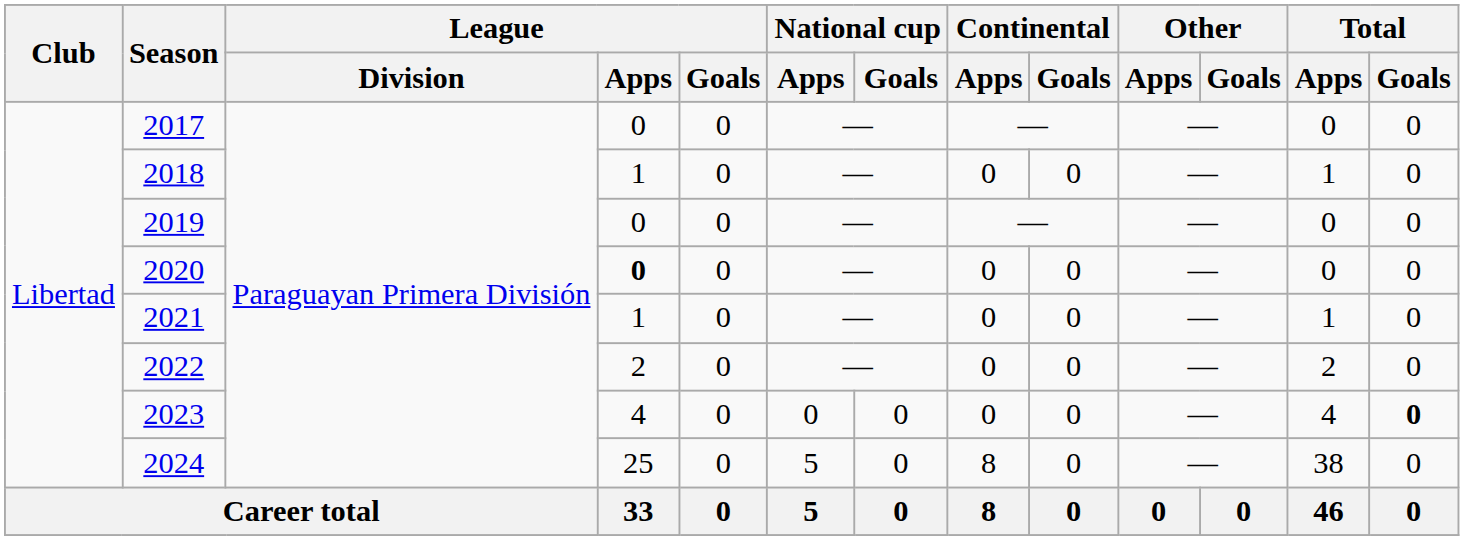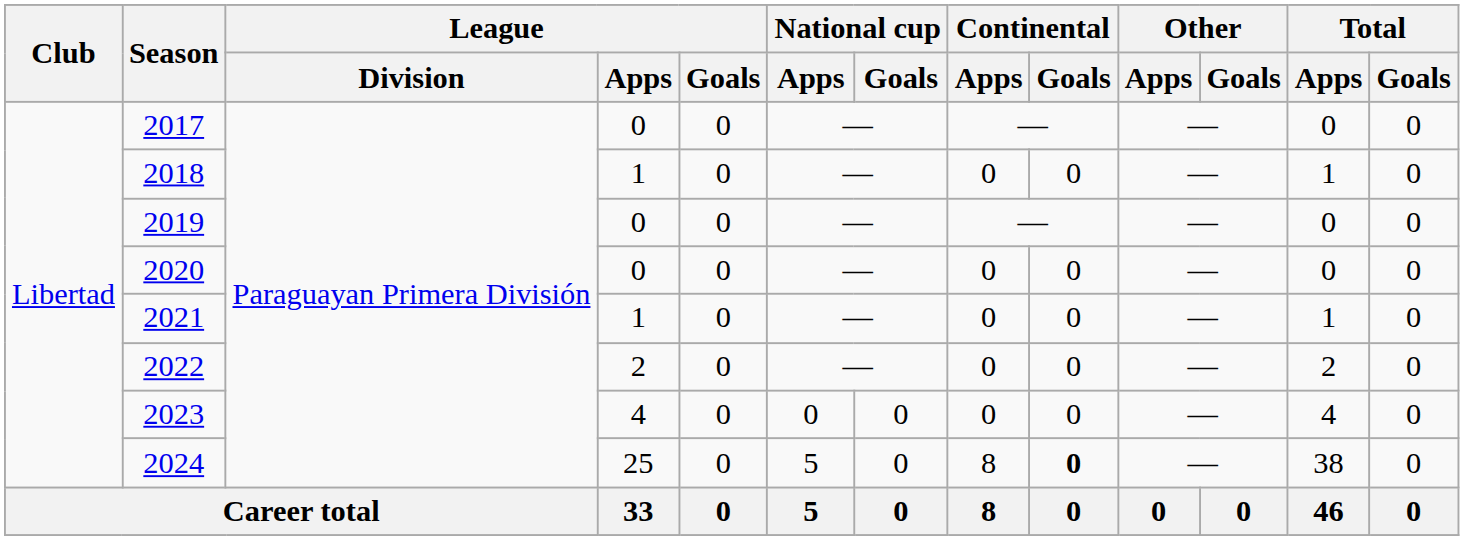 <table class="wikitable" style="text-align:center">
 <tr>
 <th rowspan="2">Club</th>
 <th rowspan="2">Season</th>
 <th colspan="3">League</th>
 <th colspan="2">National cup</th>
 <th colspan="2">Continental</th>
 <th colspan="2">Other</th>
 <th colspan="2">Total</th>
 </tr>
 <tr>
 <th>Division</th>
 <th>Apps</th>
 <th>Goals</th>
 <th>Apps</th>
 <th>Goals</th>
 <th>Apps</th>
 <th>Goals</th>
 <th>Apps</th>
 <th>Goals</th>
 <th>Apps</th>
 <th>Goals</th>
 </tr>
 <tr>
 <td rowspan="8"><a href='#'>Libertad</a></td>
 <td><a href='#'>2017</a></td>
 <td rowspan="8"><a href='#'>Paraguayan Primera División</a></td>
 <td>0</td>
 <td>0</td>
 <td colspan="2">—</td>
 <td colspan="2">—</td>
 <td colspan="2">—</td>
 <td>0</td>
 <td>0</td>
 </tr>
 <tr>
 <td><a href='#'>2018</a></td>
 <td>1</td>
 <td>0</td>
 <td colspan="2">—</td>
 <td>0</td>
 <td>0</td>
 <td colspan="2">—</td>
 <td>1</td>
 <td>0</td>
 </tr>
 <tr>
 <td><a href='#'>2019</a></td>
 <td>0</td>
 <td>0</td>
 <td colspan="2">—</td>
 <td colspan="2">—</td>
 <td colspan="2">—</td>
 <td>0</td>
 <td>0</td>
 </tr>
 <tr>
 <td><a href='#'>2020</a></td>
-<td><strong>0</strong></td>
+<td>0</td>
 <td>0</td>
 <td colspan="2">—</td>
 <td>0</td>
 <td>0</td>
 <td colspan="2">—</td>
 <td>0</td>
 <td>0</td>
 </tr>
 <tr>
 <td><a href='#'>2021</a></td>
 <td>1</td>
 <td>0</td>
 <td colspan="2">—</td>
 <td>0</td>
 <td>0</td>
 <td colspan="2">—</td>
 <td>1</td>
 <td>0</td>
 </tr>
 <tr>
 <td><a href='#'>2022</a></td>
 <td>2</td>
 <td>0</td>
 <td colspan="2">—</td>
 <td>0</td>
 <td>0</td>
 <td colspan="2">—</td>
 <td>2</td>
 <td>0</td>
 </tr>
 <tr>
 <td><a href='#'>2023</a></td>
 <td>4</td>
 <td>0</td>
 <td>0</td>
 <td>0</td>
 <td>0</td>
 <td>0</td>
 <td colspan="2">—</td>
 <td>4</td>
-<td><strong>0</strong></td>
+<td>0</td>
 </tr>
 <tr>
 <td><a href='#'>2024</a></td>
 <td>25</td>
 <td>0</td>
 <td>5</td>
 <td>0</td>
 <td>8</td>
-<td>0</td>
+<td><strong>0</strong></td>
 <td colspan="2">—</td>
 <td>38</td>
 <td>0</td>
 </tr>
 <tr>
 <th colspan="3">Career total</th>
 <th>33</th>
 <th>0</th>
 <th>5</th>
 <th>0</th>
 <th>8</th>
 <th>0</th>
 <th>0</th>
 <th>0</th>
 <th>46</th>
 <th>0</th>
 </tr>
 </table>
